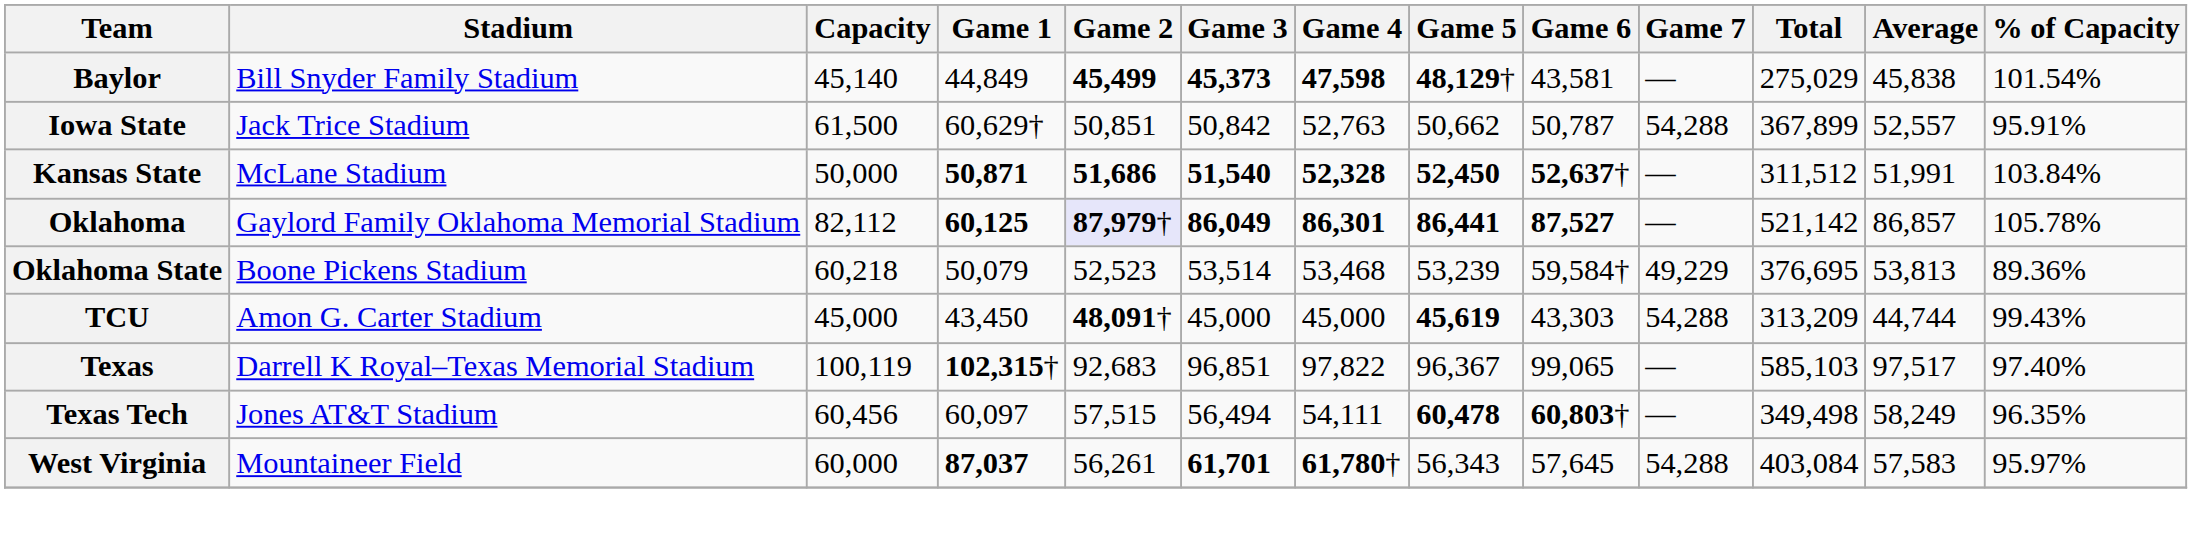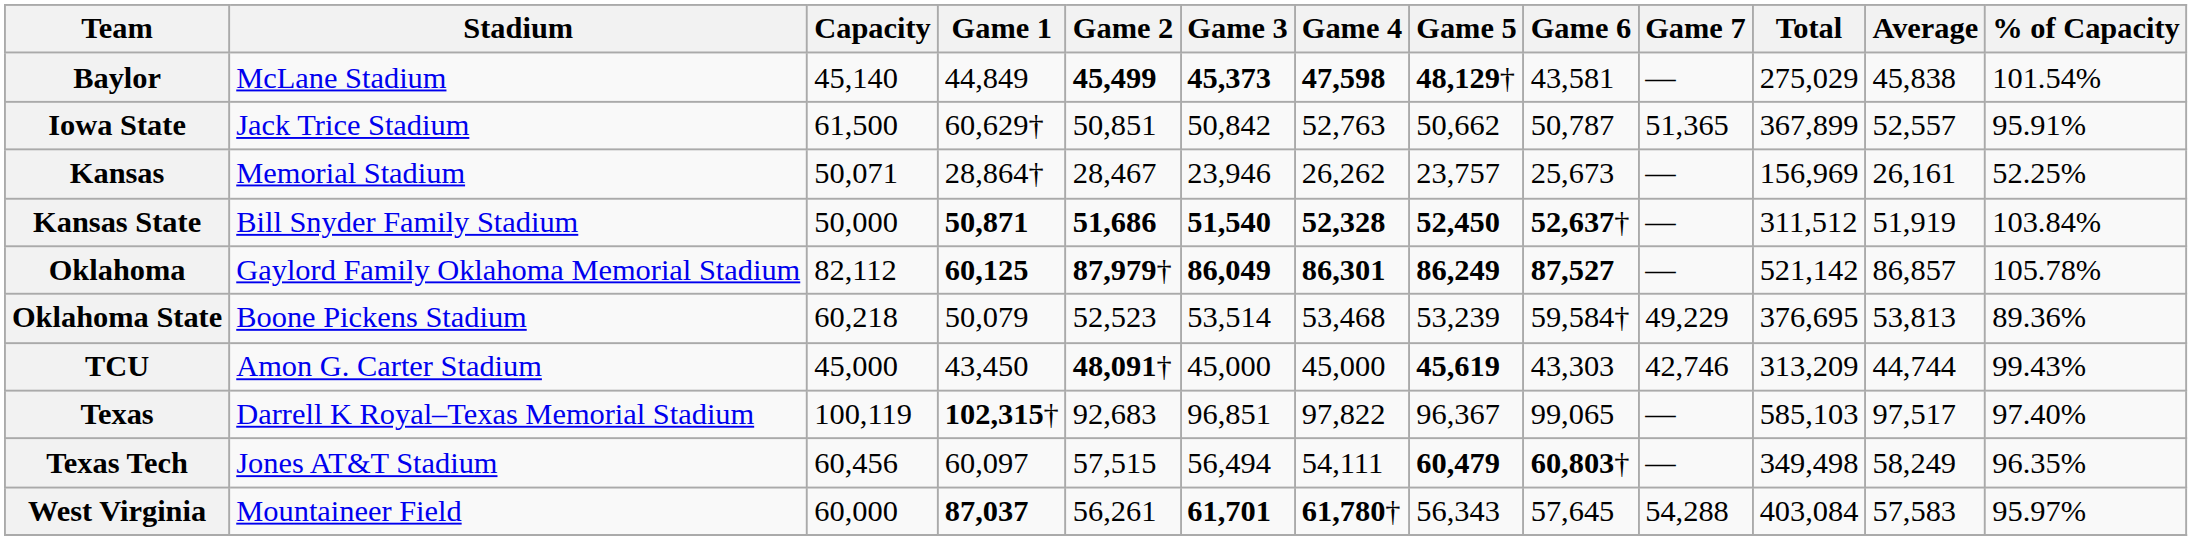 <table class="wikitable sortable">
 <tr>
 <th>Team</th>
 <th>Stadium</th>
 <th>Capacity</th>
 <th>Game 1</th>
 <th>Game 2</th>
 <th>Game 3</th>
 <th>Game 4</th>
 <th>Game 5</th>
 <th>Game 6</th>
 <th>Game 7</th>
 <th>Total</th>
 <th>Average</th>
 <th>% of Capacity</th>
 </tr>
 <tr>
 <th>Baylor</th>
-<td><a href='#'>Bill Snyder Family Stadium</a></td>
+<td><a href='#'>McLane Stadium</a></td>
 <td>45,140</td>
 <td>44,849</td>
 <td><strong>45,499</strong></td>
 <td><strong>45,373</strong></td>
 <td><strong>47,598</strong></td>
 <td><strong>48,129</strong>†</td>
 <td>43,581</td>
 <td>—</td>
 <td>275,029</td>
 <td>45,838</td>
 <td>101.54%</td>
 </tr>
 <tr>
 <th>Iowa State</th>
 <td><a href='#'>Jack Trice Stadium</a></td>
 <td>61,500</td>
 <td>60,629†</td>
 <td>50,851</td>
 <td>50,842</td>
 <td>52,763</td>
 <td>50,662</td>
 <td>50,787</td>
-<td>54,288</td>
+<td>51,365</td>
 <td>367,899</td>
 <td>52,557</td>
 <td>95.91%</td>
 </tr>
 <tr>
+<th>Kansas</th>
+<td><a href='#'>Memorial Stadium</a></td>
+<td>50,071</td>
+<td>28,864†</td>
+<td>28,467</td>
+<td>23,946</td>
+<td>26,262</td>
+<td>23,757</td>
+<td>25,673</td>
+<td>—</td>
+<td>156,969</td>
+<td>26,161</td>
+<td>52.25%</td>
+</tr>
+<tr>
 <th>Kansas State</th>
-<td><a href='#'>McLane Stadium</a></td>
+<td><a href='#'>Bill Snyder Family Stadium</a></td>
 <td>50,000</td>
 <td><strong>50,871</strong></td>
 <td><strong>51,686</strong></td>
 <td><strong>51,540</strong></td>
 <td><strong>52,328</strong></td>
 <td><strong>52,450</strong></td>
 <td><strong>52,637</strong>†</td>
 <td>—</td>
 <td>311,512</td>
-<td>51,991</td>
+<td>51,919</td>
 <td>103.84%</td>
 </tr>
 <tr>
 <th>Oklahoma</th>
 <td><a href='#'>Gaylord Family Oklahoma Memorial Stadium</a></td>
 <td>82,112</td>
 <td><strong>60,125</strong></td>
-<td style="background: lavender;"><strong>87,979</strong>†</td>
+<td><strong>87,979</strong>†</td>
 <td><strong>86,049</strong></td>
 <td><strong>86,301</strong></td>
-<td><strong>86,441</strong></td>
+<td><strong>86,249</strong></td>
 <td><strong>87,527</strong></td>
 <td>—</td>
 <td>521,142</td>
 <td>86,857</td>
 <td>105.78%</td>
 </tr>
 <tr>
 <th>Oklahoma State</th>
 <td><a href='#'>Boone Pickens Stadium</a></td>
 <td>60,218</td>
 <td>50,079</td>
 <td>52,523</td>
 <td>53,514</td>
 <td>53,468</td>
 <td>53,239</td>
 <td>59,584†</td>
 <td>49,229</td>
 <td>376,695</td>
 <td>53,813</td>
 <td>89.36%</td>
 </tr>
 <tr>
 <th>TCU</th>
 <td><a href='#'>Amon G. Carter Stadium</a></td>
 <td>45,000</td>
 <td>43,450</td>
 <td><strong>48,091</strong>†</td>
 <td>45,000</td>
 <td>45,000</td>
 <td><strong>45,619</strong></td>
 <td>43,303</td>
-<td>54,288</td>
+<td>42,746</td>
 <td>313,209</td>
 <td>44,744</td>
 <td>99.43%</td>
 </tr>
 <tr>
 <th>Texas</th>
 <td><a href='#'>Darrell K Royal–Texas Memorial Stadium</a></td>
 <td>100,119</td>
 <td><strong>102,315</strong>†</td>
 <td>92,683</td>
 <td>96,851</td>
 <td>97,822</td>
 <td>96,367</td>
 <td>99,065</td>
 <td>—</td>
 <td>585,103</td>
 <td>97,517</td>
 <td>97.40%</td>
 </tr>
 <tr>
 <th>Texas Tech</th>
 <td><a href='#'>Jones AT&T Stadium</a></td>
 <td>60,456</td>
 <td>60,097</td>
 <td>57,515</td>
 <td>56,494</td>
 <td>54,111</td>
-<td><strong>60,478</strong></td>
+<td><strong>60,479</strong></td>
 <td><strong>60,803</strong>†</td>
 <td>—</td>
 <td>349,498</td>
 <td>58,249</td>
 <td>96.35%</td>
 </tr>
 <tr>
 <th>West Virginia</th>
 <td><a href='#'>Mountaineer Field</a></td>
 <td>60,000</td>
 <td><strong>87,037</strong></td>
 <td>56,261</td>
 <td><strong>61,701</strong></td>
 <td><strong>61,780</strong>†</td>
 <td>56,343</td>
 <td>57,645</td>
 <td>54,288</td>
 <td>403,084</td>
 <td>57,583</td>
 <td>95.97%</td>
 </tr>
 <tr>
 </tr>
 </table>
